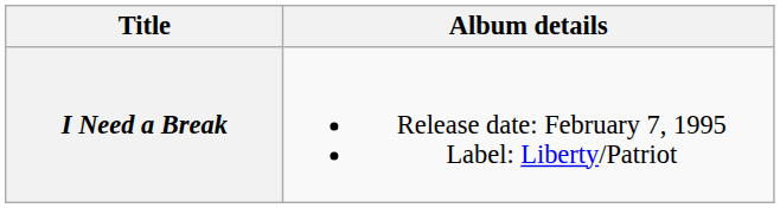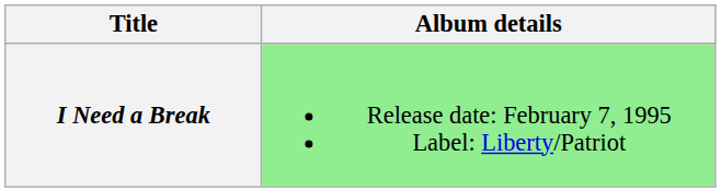 <table class="wikitable plainrowheaders" style="text-align:center;">
 <tr>
 <th style="width:10em;">Title</th>
 <th style="width:18em;">Album details</th>
 </tr>
 <tr>
 <th scope="row"><em>I Need a Break</em></th>
-<td><br><ul><li>Release date: February 7, 1995</li><li>Label: <a href='#'>Liberty</a>/Patriot</li></ul></td>
+<td style="background: lightgreen;"><br><ul><li>Release date: February 7, 1995</li><li>Label: <a href='#'>Liberty</a>/Patriot</li></ul></td>
 </tr>
 </table>
